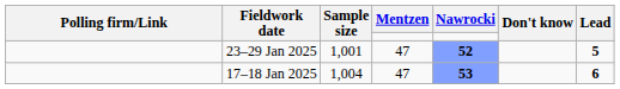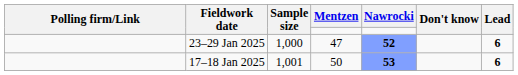 <table class="wikitable" style="text-align:center; font-size:85%; line-height:14px;">
 <tr>
 <th rowspan="2" style="width:200px;">Polling firm/Link</th>
 <th rowspan="2" data-sort-type="date">Fieldwork<br>date</th>
 <th rowspan="2" style="width:20px;">Sample<br>size</th>
 <th><a href='#'>Mentzen</a><br></th>
 <th><a href='#'>Nawrocki</a><br></th>
 <th rowspan="2">Don't know</th>
 <th rowspan="2">Lead</th>
 </tr>
 <tr>
 <td style="background:"></td>
 <td style="background:"></td>
 </tr>
 <tr>
 <td></td>
 <td data-sort-value="2025-01-29">23–29 Jan 2025</td>
-<td>1,001</td>
+<td>1,000</td>
 <td>47</td>
 <td style="background:#809fff;"><strong>52</strong></td>
 <td></td>
-<td style="background:"><strong>5</strong></td>
+<td style="background:"><strong>6</strong></td>
 </tr>
 <tr>
 <td></td>
 <td data-sort-value="2025-01-18">17–18 Jan 2025</td>
-<td>1,004</td>
-<td>47</td>
+<td>1,001</td>
+<td>50</td>
 <td style="background:#809fff;"><strong>53</strong></td>
 <td></td>
 <td style="background:"><strong>6</strong></td>
 </tr>
 </table>
